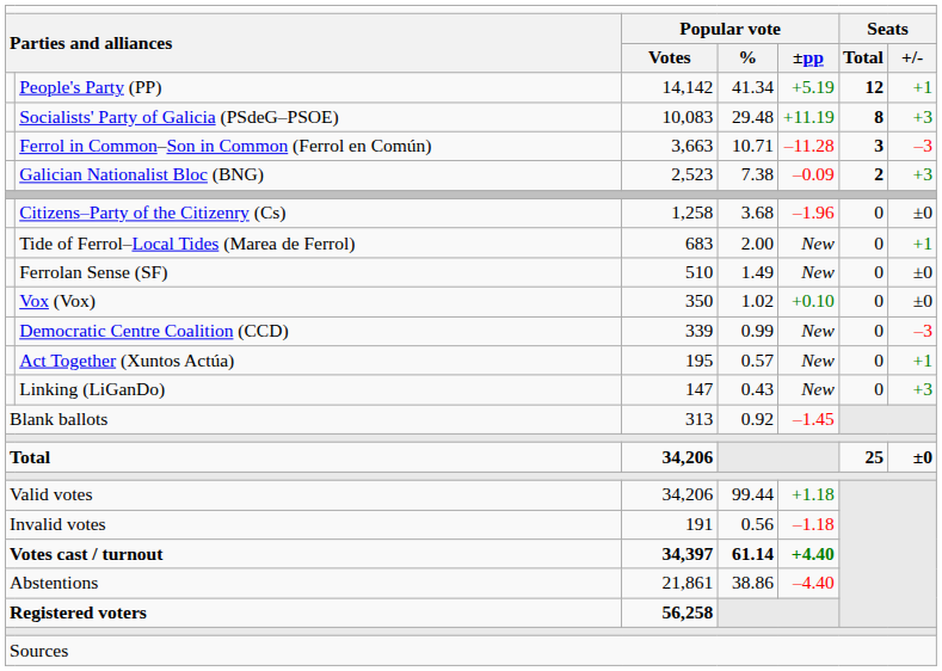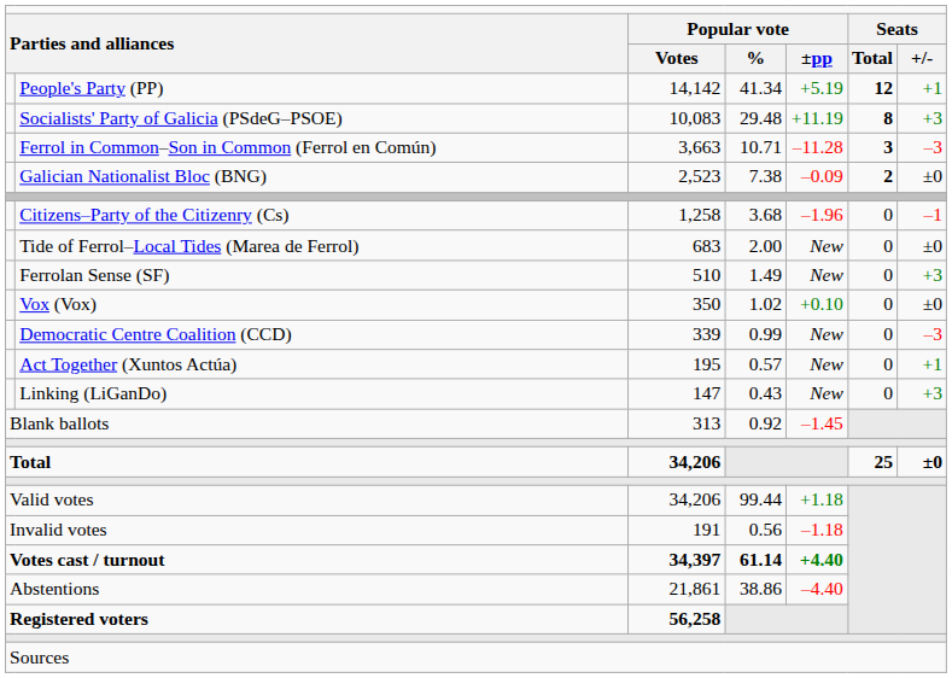 <table class="wikitable" style="text-align:right;">
 <tr>
 <td colspan="7"></td>
 </tr>
 <tr>
 <th style="text-align:left;" rowspan="2" colspan="2" width="525">Parties and alliances</th>
 <th colspan="3">Popular vote</th>
 <th colspan="2">Seats</th>
 </tr>
 <tr>
 <th width="75">Votes</th>
 <th width="45">%</th>
 <th width="45">±<a href='#'>pp</a></th>
 <th width="35">Total</th>
 <th width="35">+/-</th>
 </tr>
 <tr>
 <td width="1" style="color:inherit;background:"></td>
 <td align="left"><a href='#'>People's Party</a> (PP)</td>
 <td>14,142</td>
 <td>41.34</td>
 <td style="color:green;">+5.19</td>
 <td><strong>12</strong></td>
 <td style="color:green;">+1</td>
 </tr>
 <tr>
 <td style="color:inherit;background:"></td>
 <td align="left"><a href='#'>Socialists' Party of Galicia</a> (PSdeG–PSOE)</td>
 <td>10,083</td>
 <td>29.48</td>
 <td style="color:green;">+11.19</td>
 <td><strong>8</strong></td>
 <td style="color:green;">+3</td>
 </tr>
 <tr>
 <td style="color:inherit;background:"></td>
 <td align="left"><a href='#'>Ferrol in Common</a>–<a href='#'>Son in Common</a> (Ferrol en Común)</td>
 <td>3,663</td>
 <td>10.71</td>
 <td style="color:red;">–11.28</td>
 <td><strong>3</strong></td>
 <td style="color:red;">–3</td>
 </tr>
 <tr>
 <td style="color:inherit;background:"></td>
 <td align="left"><a href='#'>Galician Nationalist Bloc</a> (BNG)</td>
 <td>2,523</td>
 <td>7.38</td>
 <td style="color:red;">–0.09</td>
 <td><strong>2</strong></td>
-<td style="color:green;">+3</td>
+<td>±0</td>
 </tr>
 <tr>
 <td colspan="7" bgcolor="#C0C0C0"></td>
 </tr>
 <tr>
 <td style="color:inherit;background:"></td>
 <td align="left"><a href='#'>Citizens–Party of the Citizenry</a> (Cs)</td>
 <td>1,258</td>
 <td>3.68</td>
 <td style="color:red;">–1.96</td>
 <td>0</td>
-<td>±0</td>
+<td style="color:red;">–1</td>
 </tr>
 <tr>
 <td style="color:inherit;background:"></td>
 <td align="left">Tide of Ferrol–<a href='#'>Local Tides</a> (Marea de Ferrol)</td>
 <td>683</td>
 <td>2.00</td>
 <td><em>New</em></td>
 <td>0</td>
-<td style="color:green;">+1</td>
+<td>±0</td>
 </tr>
 <tr>
 <td style="color:inherit;background:"></td>
 <td align="left">Ferrolan Sense (SF)</td>
 <td>510</td>
 <td>1.49</td>
 <td><em>New</em></td>
 <td>0</td>
-<td>±0</td>
+<td style="color:green;">+3</td>
 </tr>
 <tr>
 <td style="color:inherit;background:"></td>
 <td align="left"><a href='#'>Vox</a> (Vox)</td>
 <td>350</td>
 <td>1.02</td>
 <td style="color:green;">+0.10</td>
 <td>0</td>
 <td>±0</td>
 </tr>
 <tr>
 <td style="color:inherit;background:"></td>
 <td align="left"><a href='#'>Democratic Centre Coalition</a> (CCD)</td>
 <td>339</td>
 <td>0.99</td>
 <td><em>New</em></td>
 <td>0</td>
 <td style="color:red;">–3</td>
 </tr>
 <tr>
 <td style="color:inherit;background:"></td>
 <td align="left"><a href='#'>Act Together</a> (Xuntos Actúa)</td>
 <td>195</td>
 <td>0.57</td>
 <td><em>New</em></td>
 <td>0</td>
 <td style="color:green;">+1</td>
 </tr>
 <tr>
 <td style="color:inherit;background:"></td>
 <td align="left">Linking (LiGanDo)</td>
 <td>147</td>
 <td>0.43</td>
 <td><em>New</em></td>
 <td>0</td>
 <td style="color:green;">+3</td>
 </tr>
 <tr>
 <td align="left" colspan="2">Blank ballots</td>
 <td>313</td>
 <td>0.92</td>
 <td style="color:red;">–1.45</td>
 <td bgcolor="#E9E9E9" colspan="2"></td>
 </tr>
 <tr>
 <td colspan="7" bgcolor="#E9E9E9"></td>
 </tr>
 <tr style="font-weight:bold;">
 <td align="left" colspan="2">Total</td>
 <td>34,206</td>
 <td bgcolor="#E9E9E9" colspan="2"></td>
 <td>25</td>
 <td>±0</td>
 </tr>
 <tr>
 <td colspan="7" bgcolor="#E9E9E9"></td>
 </tr>
 <tr>
 <td align="left" colspan="2">Valid votes</td>
 <td>34,206</td>
 <td>99.44</td>
 <td style="color:green;">+1.18</td>
 <td bgcolor="#E9E9E9" colspan="2" rowspan="5"></td>
 </tr>
 <tr>
 <td align="left" colspan="2">Invalid votes</td>
 <td>191</td>
 <td>0.56</td>
 <td style="color:red;">–1.18</td>
 </tr>
 <tr style="font-weight:bold;">
 <td align="left" colspan="2">Votes cast / turnout</td>
 <td>34,397</td>
 <td>61.14</td>
 <td style="color:green;">+4.40</td>
 </tr>
 <tr>
 <td align="left" colspan="2">Abstentions</td>
 <td>21,861</td>
 <td>38.86</td>
 <td style="color:red;">–4.40</td>
 </tr>
 <tr style="font-weight:bold;">
 <td align="left" colspan="2">Registered voters</td>
 <td>56,258</td>
 <td bgcolor="#E9E9E9" colspan="2"></td>
 </tr>
 <tr>
 <td colspan="7" bgcolor="#E9E9E9"></td>
 </tr>
 <tr>
 <td align="left" colspan="7">Sources</td>
 </tr>
 </table>
